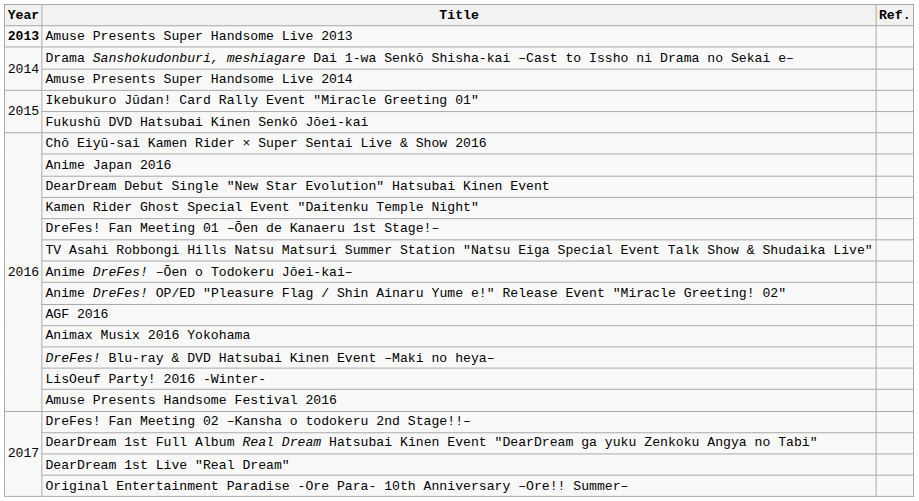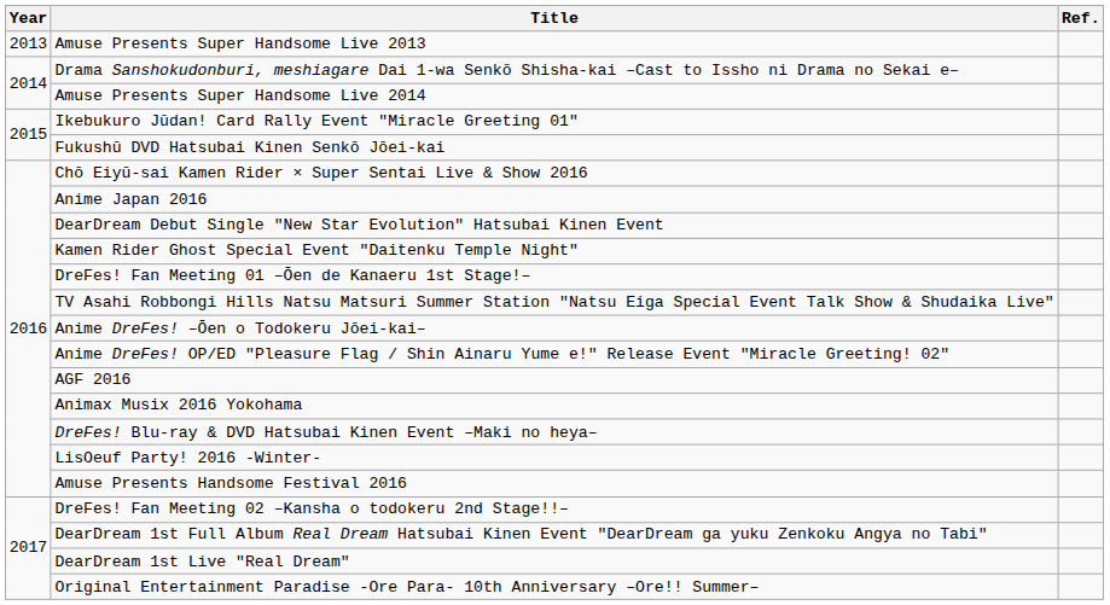 <table class="wikitable">
 <tr>
 <th>Year</th>
 <th>Title</th>
 <th>Ref.</th>
 </tr>
 <tr>
-<td><strong>2013</strong></td>
+<td>2013</td>
 <td>Amuse Presents Super Handsome Live 2013</td>
 <td></td>
 </tr>
 <tr>
 <td rowspan="2">2014</td>
 <td>Drama <em>Sanshokudonburi, meshiagare</em> Dai 1-wa Senkō Shisha-kai –Cast to Issho ni Drama no Sekai e–</td>
 <td></td>
 </tr>
 <tr>
 <td>Amuse Presents Super Handsome Live 2014</td>
 <td></td>
 </tr>
 <tr>
 <td rowspan="2">2015</td>
 <td>Ikebukuro Jūdan! Card Rally Event "Miracle Greeting 01"</td>
 <td></td>
 </tr>
 <tr>
 <td>Fukushū DVD Hatsubai Kinen Senkō Jōei-kai</td>
 <td></td>
 </tr>
 <tr>
 <td rowspan="13">2016</td>
 <td>Chō Eiyū-sai Kamen Rider × Super Sentai Live & Show 2016</td>
 <td></td>
 </tr>
 <tr>
 <td>Anime Japan 2016</td>
 <td></td>
 </tr>
 <tr>
 <td>DearDream Debut Single "New Star Evolution" Hatsubai Kinen Event</td>
 <td></td>
 </tr>
 <tr>
 <td>Kamen Rider Ghost Special Event "Daitenku Temple Night"</td>
 <td></td>
 </tr>
 <tr>
 <td>DreFes! Fan Meeting 01 –Ōen de Kanaeru 1st Stage!–</td>
 <td></td>
 </tr>
 <tr>
 <td>TV Asahi Robbongi Hills Natsu Matsuri Summer Station "Natsu Eiga Special Event Talk Show & Shudaika Live"</td>
 <td></td>
 </tr>
 <tr>
 <td>Anime <em>DreFes!</em> –Ōen o Todokeru Jōei-kai–</td>
 <td></td>
 </tr>
 <tr>
 <td>Anime <em>DreFes!</em> OP/ED "Pleasure Flag / Shin Ainaru Yume e!" Release Event "Miracle Greeting! 02"</td>
 <td></td>
 </tr>
 <tr>
 <td>AGF 2016</td>
 <td></td>
 </tr>
 <tr>
 <td>Animax Musix 2016 Yokohama</td>
 <td></td>
 </tr>
 <tr>
 <td><em>DreFes!</em> Blu-ray & DVD Hatsubai Kinen Event –Maki no heya–</td>
 <td></td>
 </tr>
 <tr>
 <td>LisOeuf Party! 2016 -Winter-</td>
 <td></td>
 </tr>
 <tr>
 <td>Amuse Presents Handsome Festival 2016</td>
 <td></td>
 </tr>
 <tr>
 <td rowspan="4">2017</td>
 <td>DreFes! Fan Meeting 02 –Kansha o todokeru 2nd Stage!!–</td>
 <td></td>
 </tr>
 <tr>
 <td>DearDream 1st Full Album <em>Real Dream</em> Hatsubai Kinen Event "DearDream ga yuku Zenkoku Angya no Tabi"</td>
 <td></td>
 </tr>
 <tr>
 <td>DearDream 1st Live "Real Dream"</td>
 <td></td>
 </tr>
 <tr>
 <td>Original Entertainment Paradise -Ore Para- 10th Anniversary –Ore!! Summer–</td>
 <td></td>
 </tr>
 </table>
